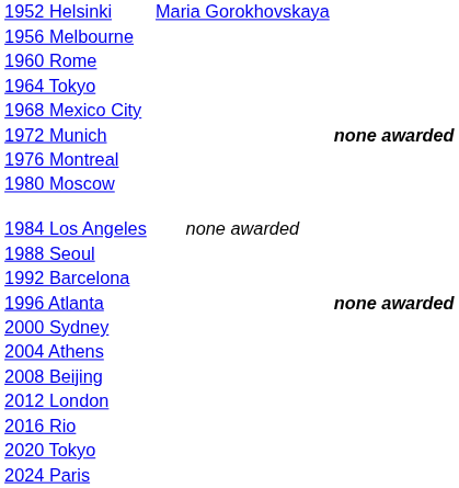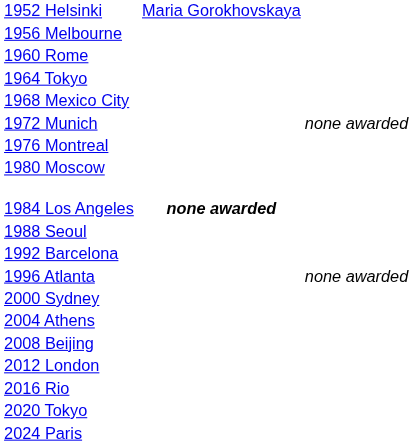 <table>
 <tr>
 <td><a href='#'>1952 Helsinki</a><br></td>
 <td></td>
 <td><a href='#'>Maria Gorokhovskaya</a><br></td>
 <td></td>
 </tr>
 <tr>
 <td><a href='#'>1956 Melbourne</a><br></td>
 <td></td>
 <td></td>
 <td></td>
 </tr>
 <tr>
 <td><a href='#'>1960 Rome</a><br></td>
 <td></td>
 <td></td>
 <td></td>
 </tr>
 <tr>
 <td><a href='#'>1964 Tokyo</a><br></td>
 <td></td>
 <td></td>
 <td></td>
 </tr>
 <tr>
 <td><a href='#'>1968 Mexico City</a><br></td>
 <td></td>
 <td></td>
 <td></td>
 </tr>
 <tr valign="top">
 <td><a href='#'>1972 Munich</a><br></td>
 <td></td>
 <td><br></td>
-<td align="center"><strong><em>none awarded</em></strong></td>
+<td align="center"><em>none awarded</em></td>
 </tr>
 <tr>
 <td><a href='#'>1976 Montreal</a><br></td>
 <td></td>
 <td></td>
 <td></td>
 </tr>
 <tr valign="top">
 <td><a href='#'>1980 Moscow</a><br></td>
 <td></td>
 <td></td>
 <td><br><br></td>
 </tr>
 <tr valign="top">
 <td><a href='#'>1984 Los Angeles</a><br></td>
 <td><br></td>
-<td align="center"><em>none awarded</em></td>
+<td align="center"><strong><em>none awarded</em></strong></td>
 <td></td>
 </tr>
 <tr>
 <td><a href='#'>1988 Seoul</a><br></td>
 <td></td>
 <td></td>
 <td></td>
 </tr>
 <tr>
 <td><a href='#'>1992 Barcelona</a><br></td>
 <td></td>
 <td></td>
 <td></td>
 </tr>
 <tr valign="top">
 <td><a href='#'>1996 Atlanta</a><br></td>
 <td></td>
 <td><br></td>
-<td align="center"><strong><em>none awarded</em></strong></td>
+<td align="center"><em>none awarded</em></td>
 </tr>
 <tr>
 <td><a href='#'>2000 Sydney</a><br></td>
 <td></td>
 <td></td>
 <td></td>
 </tr>
 <tr>
 <td><a href='#'>2004 Athens</a><br></td>
 <td></td>
 <td></td>
 <td></td>
 </tr>
 <tr>
 <td><a href='#'>2008 Beijing</a><br></td>
 <td></td>
 <td></td>
 <td></td>
 </tr>
 <tr>
 <td><a href='#'>2012 London</a><br></td>
 <td></td>
 <td></td>
 <td></td>
 </tr>
 <tr>
 <td><a href='#'>2016 Rio</a><br></td>
 <td></td>
 <td></td>
 <td></td>
 </tr>
 <tr>
 <td><a href='#'>2020 Tokyo</a><br></td>
 <td></td>
 <td></td>
 <td></td>
 </tr>
 <tr>
 <td><a href='#'>2024 Paris</a><br></td>
 <td></td>
 <td></td>
 <td></td>
 </tr>
 <tr>
 </tr>
 </table>
